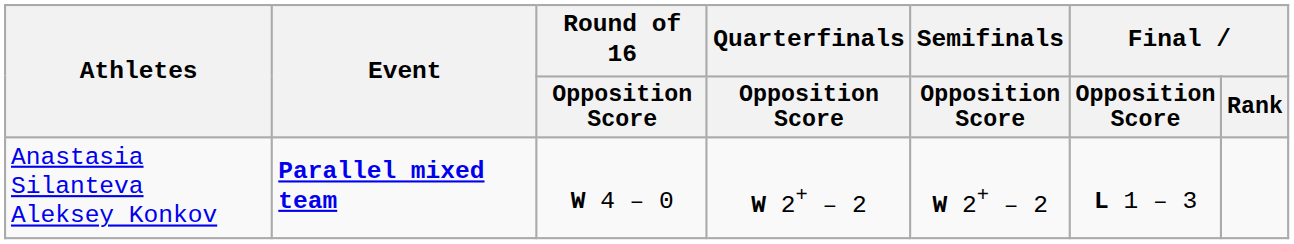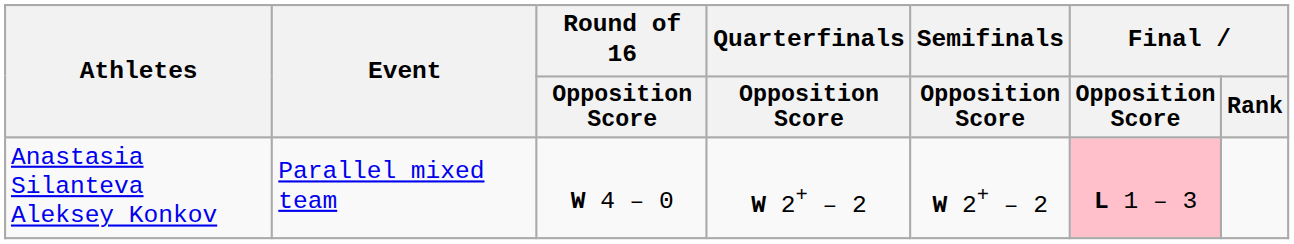 <table class="wikitable" style="font-size:90%">
 <tr>
 <th rowspan=2>Athletes</th>
 <th rowspan=2>Event</th>
 <th>Round of 16</th>
 <th>Quarterfinals</th>
 <th>Semifinals</th>
 <th colspan=2>Final / </th>
 </tr>
 <tr style="font-size:95%">
 <th>Opposition<br>Score</th>
 <th>Opposition<br>Score</th>
 <th>Opposition<br>Score</th>
 <th>Opposition<br>Score</th>
 <th>Rank</th>
 </tr>
 <tr align=center>
 <td align=left><a href='#'>Anastasia Silanteva</a><br><a href='#'>Aleksey Konkov</a></td>
-<td align=left><strong><a href='#'>Parallel mixed team</a></strong></td>
+<td align=left><a href='#'>Parallel mixed team</a></td>
 <td><br><strong>W</strong> 4 – 0</td>
 <td><br><strong>W</strong> 2<sup>+</sup> – 2</td>
 <td><br><strong>W</strong> 2<sup>+</sup> – 2</td>
-<td><br><strong>L</strong> 1 – 3</td>
+<td style="background: pink;"><br><strong>L</strong> 1 – 3</td>
 <td></td>
 </tr>
 </table>
